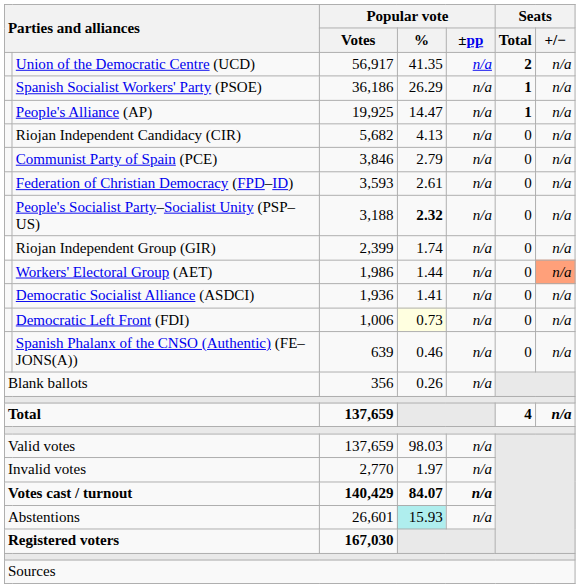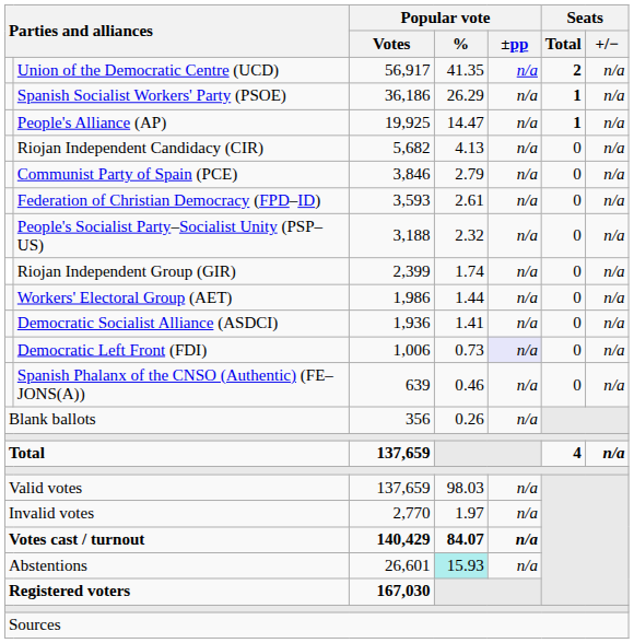 <table class="wikitable" style="text-align:right;">
 <tr>
 <th style="text-align:left;" rowspan="2" colspan="2" width="525">Parties and alliances</th>
 <th colspan="3">Popular vote</th>
 <th colspan="2">Seats</th>
 </tr>
 <tr>
 <th width="75">Votes</th>
 <th width="45">%</th>
 <th width="45">±<a href='#'>pp</a></th>
 <th width="35">Total</th>
 <th width="35">+/−</th>
 </tr>
 <tr>
 <td width="1" style="color:inherit;background:"></td>
 <td align="left"><a href='#'>Union of the Democratic Centre</a> (UCD)</td>
 <td>56,917</td>
 <td>41.35</td>
 <td><em><a href='#'>n/a</a></em></td>
 <td><strong>2</strong></td>
 <td><em>n/a</em></td>
 </tr>
 <tr>
 <td style="color:inherit;background:"></td>
 <td align="left"><a href='#'>Spanish Socialist Workers' Party</a> (PSOE)</td>
 <td>36,186</td>
 <td>26.29</td>
 <td><em>n/a</em></td>
 <td><strong>1</strong></td>
 <td><em>n/a</em></td>
 </tr>
 <tr>
 <td style="color:inherit;background:"></td>
 <td align="left"><a href='#'>People's Alliance</a> (AP)</td>
 <td>19,925</td>
 <td>14.47</td>
 <td><em>n/a</em></td>
 <td><strong>1</strong></td>
 <td><em>n/a</em></td>
 </tr>
 <tr>
 <td style="color:inherit;background:"></td>
 <td align="left">Riojan Independent Candidacy (CIR)</td>
 <td>5,682</td>
 <td>4.13</td>
 <td><em>n/a</em></td>
 <td>0</td>
 <td><em>n/a</em></td>
 </tr>
 <tr>
 <td style="color:inherit;background:"></td>
 <td align="left"><a href='#'>Communist Party of Spain</a> (PCE)</td>
 <td>3,846</td>
 <td>2.79</td>
 <td><em>n/a</em></td>
 <td>0</td>
 <td><em>n/a</em></td>
 </tr>
 <tr>
 <td style="color:inherit;background:"></td>
 <td align="left"><a href='#'>Federation of Christian Democracy</a> (<a href='#'>FPD</a>–<a href='#'>ID</a>)</td>
 <td>3,593</td>
 <td>2.61</td>
 <td><em>n/a</em></td>
 <td>0</td>
 <td><em>n/a</em></td>
 </tr>
 <tr>
 <td style="color:inherit;background:"></td>
 <td align="left"><a href='#'>People's Socialist Party</a>–<a href='#'>Socialist Unity</a> (PSP–US)</td>
 <td>3,188</td>
-<td><strong>2.32</strong></td>
+<td>2.32</td>
 <td><em>n/a</em></td>
 <td>0</td>
 <td><em>n/a</em></td>
 </tr>
 <tr>
 <td bgcolor="white"></td>
 <td align="left">Riojan Independent Group (GIR)</td>
 <td>2,399</td>
 <td>1.74</td>
 <td><em>n/a</em></td>
 <td>0</td>
 <td><em>n/a</em></td>
 </tr>
 <tr>
 <td style="color:inherit;background:"></td>
 <td align="left"><a href='#'>Workers' Electoral Group</a> (AET)</td>
 <td>1,986</td>
 <td>1.44</td>
 <td><em>n/a</em></td>
 <td>0</td>
-<td style="background: lightsalmon;"><em>n/a</em></td>
+<td><em>n/a</em></td>
 </tr>
 <tr>
 <td style="color:inherit;background:"></td>
 <td align="left"><a href='#'>Democratic Socialist Alliance</a> (ASDCI)</td>
 <td>1,936</td>
 <td>1.41</td>
 <td><em>n/a</em></td>
 <td>0</td>
 <td><em>n/a</em></td>
 </tr>
 <tr>
 <td style="color:inherit;background:"></td>
 <td align="left"><a href='#'>Democratic Left Front</a> (FDI)</td>
 <td>1,006</td>
-<td style="background: lightyellow;">0.73</td>
-<td><em>n/a</em></td>
+<td>0.73</td>
+<td style="background: lavender;"><em>n/a</em></td>
 <td>0</td>
 <td><em>n/a</em></td>
 </tr>
 <tr>
 <td style="color:inherit;background:"></td>
 <td align="left"><a href='#'>Spanish Phalanx of the CNSO (Authentic)</a> (FE–JONS(A))</td>
 <td>639</td>
 <td>0.46</td>
 <td><em>n/a</em></td>
 <td>0</td>
 <td><em>n/a</em></td>
 </tr>
 <tr>
 <td align="left" colspan="2">Blank ballots</td>
 <td>356</td>
 <td>0.26</td>
 <td><em>n/a</em></td>
 <td bgcolor="#E9E9E9" colspan="2"></td>
 </tr>
 <tr>
 <td colspan="7" bgcolor="#E9E9E9"></td>
 </tr>
 <tr style="font-weight:bold;">
 <td align="left" colspan="2">Total</td>
 <td>137,659</td>
 <td bgcolor="#E9E9E9" colspan="2"></td>
 <td>4</td>
 <td><em>n/a</em></td>
 </tr>
 <tr>
 <td colspan="7" bgcolor="#E9E9E9"></td>
 </tr>
 <tr>
 <td align="left" colspan="2">Valid votes</td>
 <td>137,659</td>
 <td>98.03</td>
 <td><em>n/a</em></td>
 <td bgcolor="#E9E9E9" colspan="2" rowspan="5"></td>
 </tr>
 <tr>
 <td align="left" colspan="2">Invalid votes</td>
 <td>2,770</td>
 <td>1.97</td>
 <td><em>n/a</em></td>
 </tr>
 <tr style="font-weight:bold;">
 <td align="left" colspan="2">Votes cast / turnout</td>
 <td>140,429</td>
 <td>84.07</td>
 <td><em>n/a</em></td>
 </tr>
 <tr>
 <td align="left" colspan="2">Abstentions</td>
 <td>26,601</td>
 <td style="background: paleturquoise;">15.93</td>
 <td><em>n/a</em></td>
 </tr>
 <tr style="font-weight:bold;">
 <td align="left" colspan="2">Registered voters</td>
 <td>167,030</td>
 <td bgcolor="#E9E9E9" colspan="2"></td>
 </tr>
 <tr>
 <td colspan="7" bgcolor="#E9E9E9"></td>
 </tr>
 <tr>
 <td align="left" colspan="7">Sources</td>
 </tr>
 </table>
